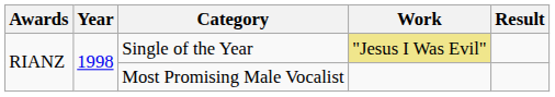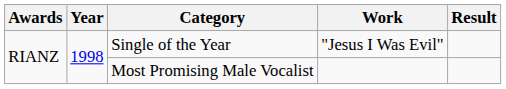 <table class="wikitable">
 <tr>
 <th>Awards</th>
 <th>Year</th>
 <th>Category</th>
 <th>Work</th>
 <th>Result</th>
 </tr>
 <tr>
 <td rowspan=2>RIANZ</td>
 <td rowspan=2><a href='#'>1998</a></td>
 <td>Single of the Year</td>
-<td style="background: khaki;">"Jesus I Was Evil"</td>
+<td>"Jesus I Was Evil"</td>
 <td></td>
 </tr>
 <tr>
 <td>Most Promising Male Vocalist</td>
 <td></td>
 <td></td>
 </tr>
 </table>
